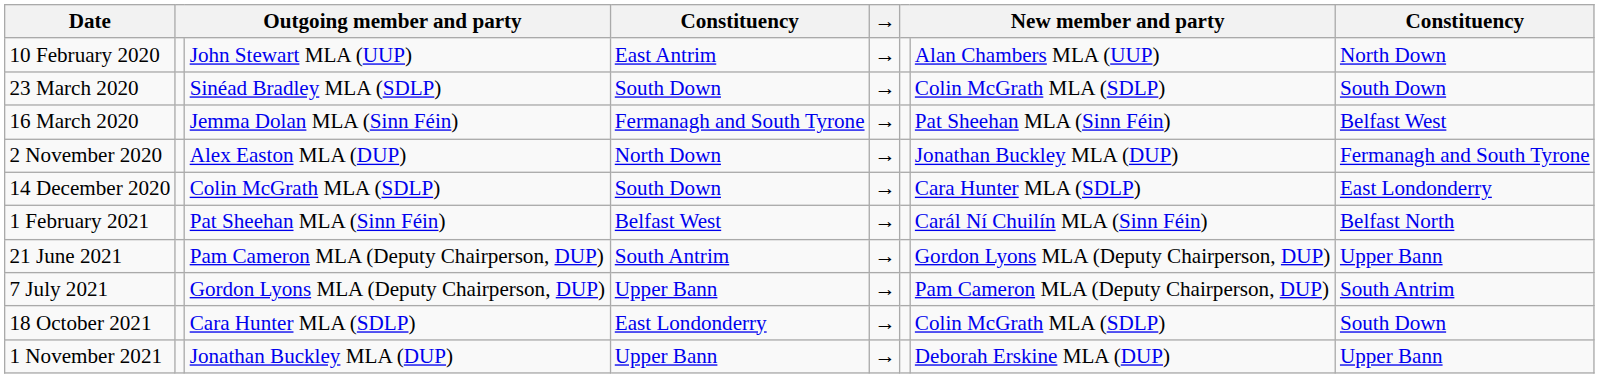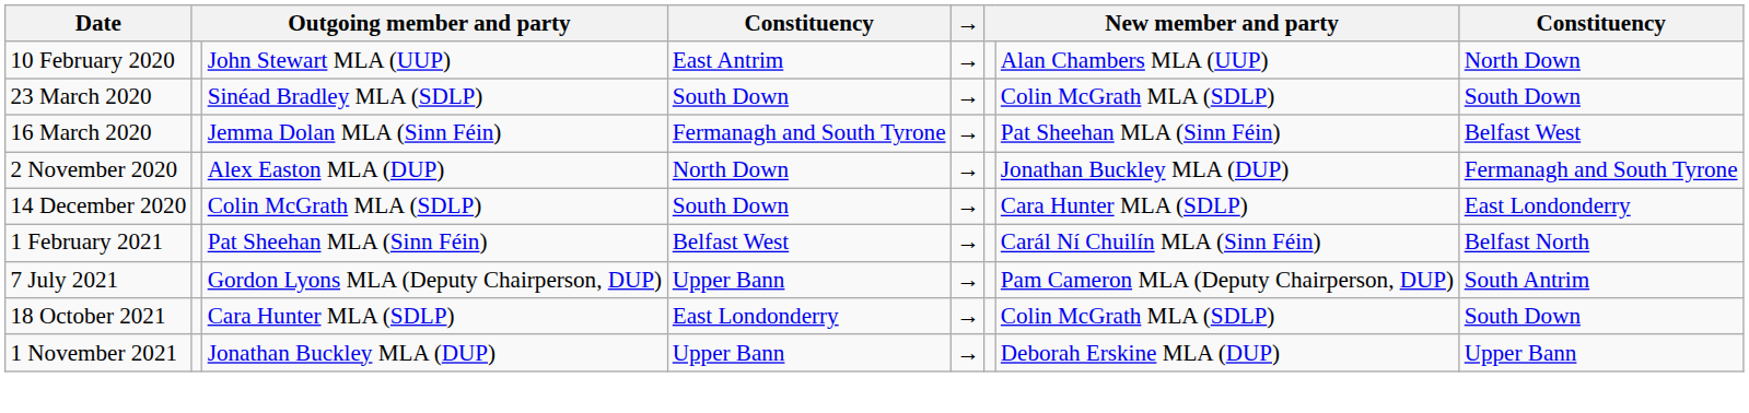 <table class="wikitable">
 <tr>
 <th valign="top">Date</th>
 <th colspan="2" valign="top">Outgoing member and party</th>
 <th valign="top">Constituency</th>
 <th>→</th>
 <th colspan="2" valign="top">New member and party</th>
 <th valign="top">Constituency</th>
 </tr>
 <tr>
 <td>10 February 2020</td>
 <td></td>
 <td><a href='#'>John Stewart</a> MLA (<a href='#'>UUP</a>)</td>
 <td><a href='#'>East Antrim</a></td>
 <td>→</td>
 <td></td>
 <td><a href='#'>Alan Chambers</a> MLA (<a href='#'>UUP</a>)</td>
 <td><a href='#'>North Down</a></td>
 </tr>
 <tr>
 <td>23 March 2020</td>
 <td></td>
 <td><a href='#'>Sinéad Bradley</a> MLA (<a href='#'>SDLP</a>)</td>
 <td><a href='#'>South Down</a></td>
 <td>→</td>
 <td></td>
 <td><a href='#'>Colin McGrath</a> MLA (<a href='#'>SDLP</a>)</td>
 <td><a href='#'>South Down</a></td>
 </tr>
 <tr>
 <td>16 March 2020</td>
 <td></td>
 <td><a href='#'>Jemma Dolan</a> MLA (<a href='#'>Sinn Féin</a>)</td>
 <td><a href='#'>Fermanagh and South Tyrone</a></td>
 <td>→</td>
 <td></td>
 <td><a href='#'>Pat Sheehan</a> MLA (<a href='#'>Sinn Féin</a>)</td>
 <td><a href='#'>Belfast West</a></td>
 </tr>
 <tr>
 <td>2 November 2020</td>
 <td></td>
 <td><a href='#'>Alex Easton</a> MLA (<a href='#'>DUP</a>)</td>
 <td><a href='#'>North Down</a></td>
 <td>→</td>
 <td></td>
 <td><a href='#'>Jonathan Buckley</a> MLA (<a href='#'>DUP</a>)</td>
 <td><a href='#'>Fermanagh and South Tyrone</a></td>
 </tr>
 <tr>
 <td>14 December 2020</td>
 <td></td>
 <td><a href='#'>Colin McGrath</a> MLA (<a href='#'>SDLP</a>)</td>
 <td><a href='#'>South Down</a></td>
 <td>→</td>
 <td></td>
 <td><a href='#'>Cara Hunter</a> MLA (<a href='#'>SDLP</a>)</td>
 <td><a href='#'>East Londonderry</a></td>
 </tr>
 <tr>
 <td>1 February 2021</td>
 <td></td>
 <td><a href='#'>Pat Sheehan</a> MLA (<a href='#'>Sinn Féin</a>)</td>
 <td><a href='#'>Belfast West</a></td>
 <td>→</td>
 <td></td>
 <td><a href='#'>Carál Ní Chuilín</a> MLA (<a href='#'>Sinn Féin</a>)</td>
 <td><a href='#'>Belfast North</a></td>
 </tr>
 <tr>
-<td>21 June 2021</td>
-<td></td>
-<td><a href='#'>Pam Cameron</a> MLA (Deputy Chairperson, <a href='#'>DUP</a>)</td>
-<td><a href='#'>South Antrim</a></td>
-<td>→</td>
-<td></td>
-<td><a href='#'>Gordon Lyons</a> MLA (Deputy Chairperson, <a href='#'>DUP</a>)</td>
-<td><a href='#'>Upper Bann</a></td>
-</tr>
-<tr>
 <td>7 July 2021</td>
 <td></td>
 <td><a href='#'>Gordon Lyons</a> MLA (Deputy Chairperson, <a href='#'>DUP</a>)</td>
 <td><a href='#'>Upper Bann</a></td>
 <td>→</td>
 <td></td>
 <td><a href='#'>Pam Cameron</a> MLA (Deputy Chairperson, <a href='#'>DUP</a>)</td>
 <td><a href='#'>South Antrim</a></td>
 </tr>
 <tr>
 <td>18 October 2021</td>
 <td></td>
 <td><a href='#'>Cara Hunter</a> MLA (<a href='#'>SDLP</a>)</td>
 <td><a href='#'>East Londonderry</a></td>
 <td>→</td>
 <td></td>
 <td><a href='#'>Colin McGrath</a> MLA (<a href='#'>SDLP</a>)</td>
 <td><a href='#'>South Down</a></td>
 </tr>
 <tr>
 <td>1 November 2021</td>
 <td></td>
 <td><a href='#'>Jonathan Buckley</a> MLA (<a href='#'>DUP</a>)</td>
 <td><a href='#'>Upper Bann</a></td>
 <td>→</td>
 <td></td>
 <td><a href='#'>Deborah Erskine</a> MLA (<a href='#'>DUP</a>)</td>
 <td><a href='#'>Upper Bann</a></td>
 </tr>
 </table>
